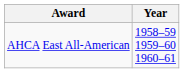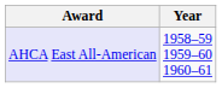 <table class="wikitable">
 <tr>
 <th>Award</th>
 <th>Year</th>
 </tr>
 <tr>
-<td><a href='#'>AHCA</a> <a href='#'>East All-American</a></td>
+<td style="background: lavender;"><a href='#'>AHCA</a> <a href='#'>East All-American</a></td>
 <td><a href='#'>1958–59</a><br><a href='#'>1959–60</a><br><a href='#'>1960–61</a></td>
 </tr>
 </table>
